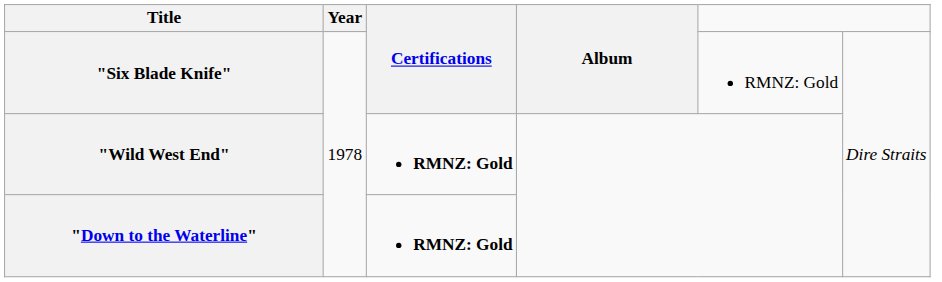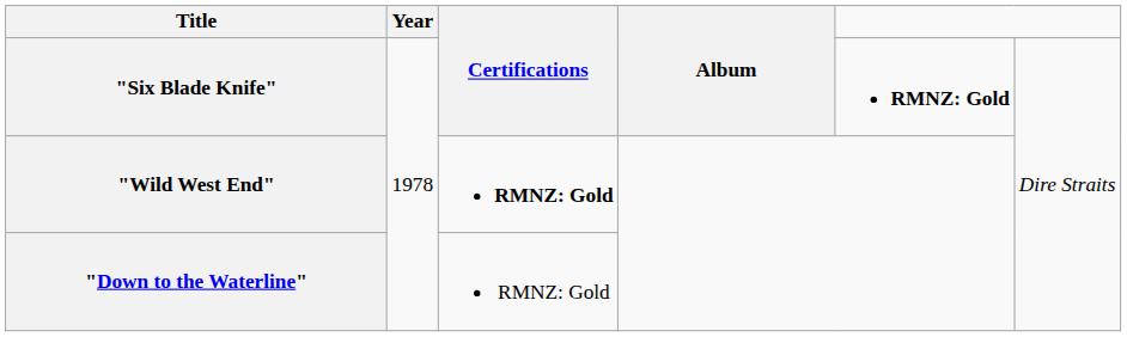 <table class="wikitable plainrowheaders" style="text-align:center;">
 <tr>
 <th style="width:18em;">Title</th>
 <th style="width:2em;">Year</th>
 <th rowspan="2"><a href='#'>Certifications</a></th>
 <th rowspan="2" style="width:10em;">Album</th>
 </tr>
 <tr>
 <th scope="row">"Six Blade Knife"</th>
 <td rowspan=3>1978</td>
-<td><br><ul><li>RMNZ: Gold</li></ul></td>
+<td><strong><br><ul><li>RMNZ: Gold</li></ul></strong></td>
 <td rowspan=3><em>Dire Straits</em></td>
 </tr>
 <tr>
 <th scope="row">"Wild West End"</th>
 <td><strong><br><ul><li>RMNZ: Gold</li></ul></strong></td>
 </tr>
 <tr>
 <th scope="row">"<a href='#'>Down to the Waterline</a>"</th>
-<td><strong><br><ul><li>RMNZ: Gold</li></ul></strong></td>
+<td><br><ul><li>RMNZ: Gold</li></ul></td>
 </tr>
 </table>
